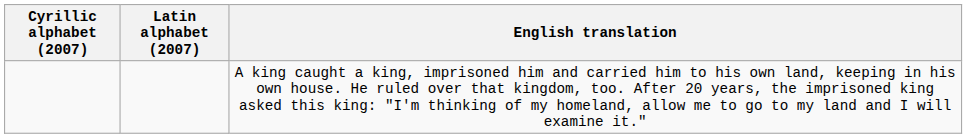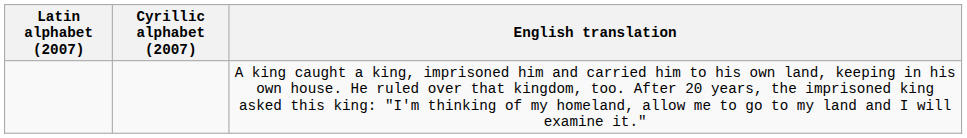 <table class="wikitable">
 <tr>
+<th>Latin alphabet (2007)</th>
 <th>Cyrillic alphabet (2007)</th>
-<th>Latin alphabet (2007)</th>
 <th>English translation</th>
 </tr>
 <tr style="vertical-align:top;text-align:center;">
 <td></td>
 <td></td>
 <td>A king caught a king, imprisoned him and carried him to his own land, keeping in his own house. He ruled over that kingdom, too. After 20 years, the imprisoned king asked this king: "I'm thinking of my homeland, allow me to go to my land and I will examine it."</td>
 </tr>
 </table>
